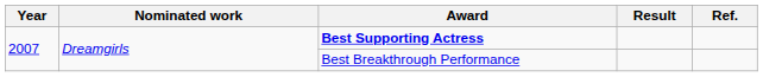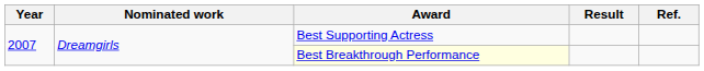 <table class=wikitable>
 <tr>
 <th style="width:3%;">Year</th>
 <th style="width:20%;">Nominated work</th>
 <th style="width:23%;">Award</th>
 <th style="width:5%;">Result</th>
 <th style="width:5%;">Ref.</th>
 </tr>
 <tr>
 <td rowspan="2"><a href='#'>2007</a></td>
 <td rowspan="2"><em><a href='#'>Dreamgirls</a></em></td>
-<td><strong><a href='#'>Best Supporting Actress</a></strong></td>
+<td><a href='#'>Best Supporting Actress</a></td>
 <td></td>
 <td align="center"></td>
 </tr>
 <tr>
-<td><a href='#'>Best Breakthrough Performance</a></td>
+<td style="background: lightyellow;"><a href='#'>Best Breakthrough Performance</a></td>
 <td></td>
 <td align="center"></td>
 </tr>
 </table>
